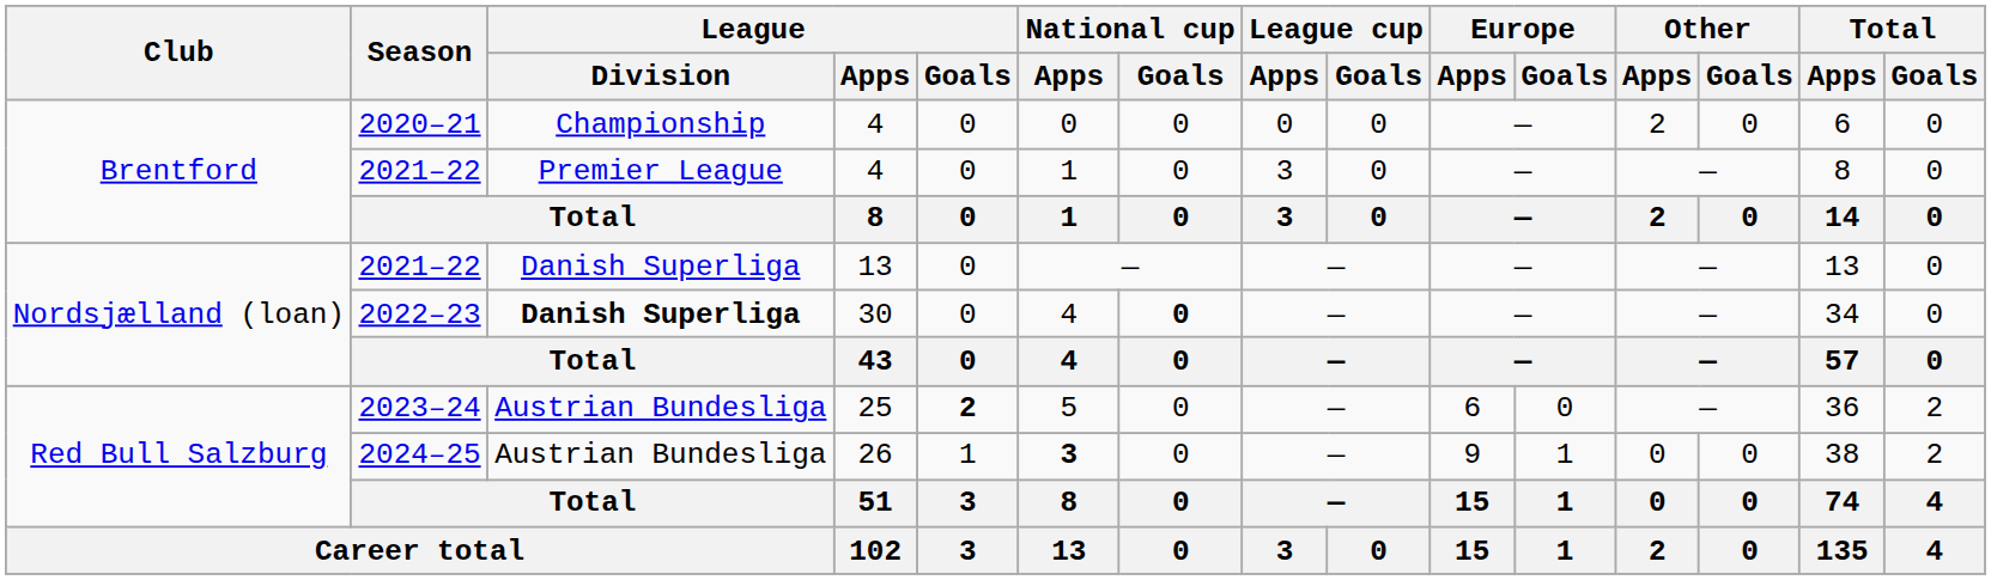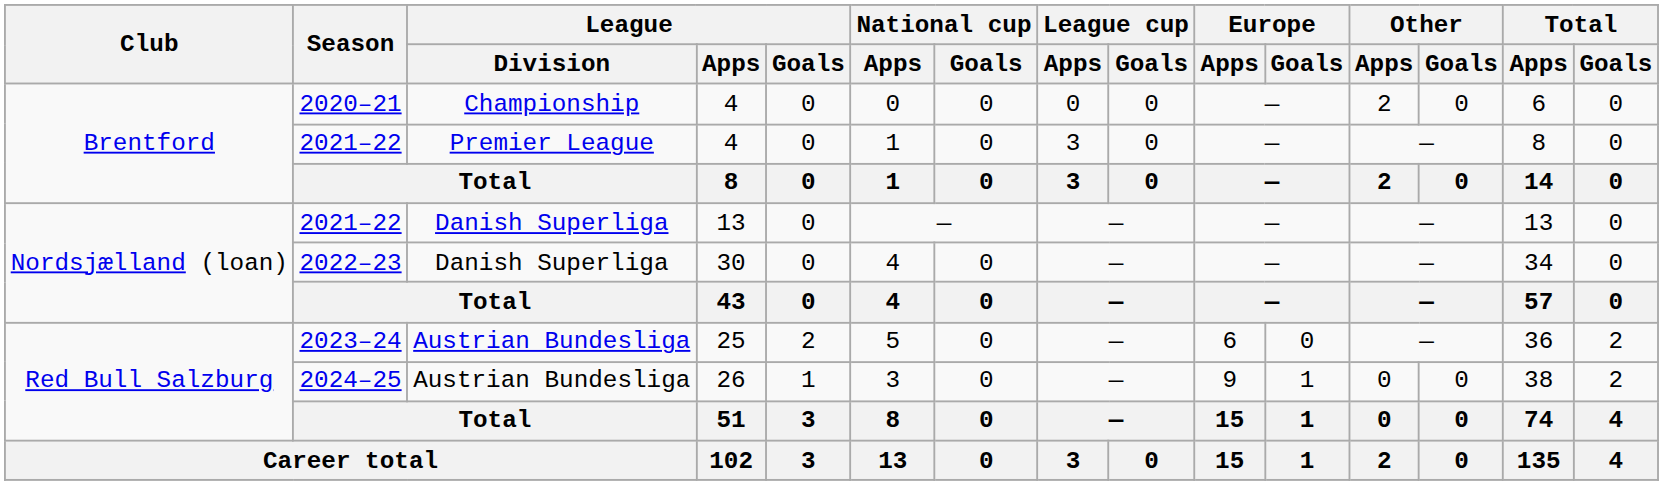 <table class="wikitable" style="text-align:center">
 <tr>
 <th rowspan="2">Club</th>
 <th rowspan="2">Season</th>
 <th colspan="3">League</th>
 <th colspan="2">National cup</th>
 <th colspan="2">League cup</th>
 <th colspan="2">Europe</th>
 <th colspan="2">Other</th>
 <th colspan="2">Total</th>
 </tr>
 <tr>
 <th>Division</th>
 <th>Apps</th>
 <th>Goals</th>
 <th>Apps</th>
 <th>Goals</th>
 <th>Apps</th>
 <th>Goals</th>
 <th>Apps</th>
 <th>Goals</th>
 <th>Apps</th>
 <th>Goals</th>
 <th>Apps</th>
 <th>Goals</th>
 </tr>
 <tr>
 <td rowspan="3"><a href='#'>Brentford</a></td>
 <td><a href='#'>2020–21</a></td>
 <td><a href='#'>Championship</a></td>
 <td>4</td>
 <td>0</td>
 <td>0</td>
 <td>0</td>
 <td>0</td>
 <td>0</td>
 <td colspan="2">―</td>
 <td>2</td>
 <td>0</td>
 <td>6</td>
 <td>0</td>
 </tr>
 <tr>
 <td><a href='#'>2021–22</a></td>
 <td><a href='#'>Premier League</a></td>
 <td>4</td>
 <td>0</td>
 <td>1</td>
 <td>0</td>
 <td>3</td>
 <td>0</td>
 <td colspan="2">―</td>
 <td colspan="2">―</td>
 <td>8</td>
 <td>0</td>
 </tr>
 <tr>
 <th colspan="2">Total</th>
 <th>8</th>
 <th>0</th>
 <th>1</th>
 <th>0</th>
 <th>3</th>
 <th>0</th>
 <th colspan="2">―</th>
 <th>2</th>
 <th>0</th>
 <th>14</th>
 <th>0</th>
 </tr>
 <tr>
 <td rowspan="3"><a href='#'>Nordsjælland</a> (loan)</td>
 <td><a href='#'>2021–22</a></td>
 <td><a href='#'>Danish Superliga</a></td>
 <td>13</td>
 <td>0</td>
 <td colspan="2">―</td>
 <td colspan="2">―</td>
 <td colspan="2">―</td>
 <td colspan="2">―</td>
 <td>13</td>
 <td>0</td>
 </tr>
 <tr>
 <td><a href='#'>2022–23</a></td>
-<td><strong>Danish Superliga</strong></td>
+<td>Danish Superliga</td>
 <td>30</td>
 <td>0</td>
 <td>4</td>
-<td><strong>0</strong></td>
+<td>0</td>
 <td colspan="2">―</td>
 <td colspan="2">―</td>
 <td colspan="2">―</td>
 <td>34</td>
 <td>0</td>
 </tr>
 <tr>
 <th colspan="2">Total</th>
 <th>43</th>
 <th>0</th>
 <th>4</th>
 <th>0</th>
 <th colspan="2">―</th>
 <th colspan="2">―</th>
 <th colspan="2">―</th>
 <th>57</th>
 <th>0</th>
 </tr>
 <tr>
 <td rowspan="3"><a href='#'>Red Bull Salzburg</a></td>
 <td><a href='#'>2023–24</a></td>
 <td><a href='#'>Austrian Bundesliga</a></td>
 <td>25</td>
-<td><strong>2</strong></td>
+<td>2</td>
 <td>5</td>
 <td>0</td>
 <td colspan="2">―</td>
 <td>6</td>
 <td>0</td>
 <td colspan="2">―</td>
 <td>36</td>
 <td>2</td>
 </tr>
 <tr>
 <td><a href='#'>2024–25</a></td>
 <td>Austrian Bundesliga</td>
 <td>26</td>
 <td>1</td>
-<td><strong>3</strong></td>
+<td>3</td>
 <td>0</td>
 <td colspan="2">―</td>
 <td>9</td>
 <td>1</td>
 <td>0</td>
 <td>0</td>
 <td>38</td>
 <td>2</td>
 </tr>
 <tr>
 <th colspan="2">Total</th>
 <th>51</th>
 <th>3</th>
 <th>8</th>
 <th>0</th>
 <th colspan="2">―</th>
 <th>15</th>
 <th>1</th>
 <th>0</th>
 <th>0</th>
 <th>74</th>
 <th>4</th>
 </tr>
 <tr>
 <th colspan="3">Career total</th>
 <th>102</th>
 <th>3</th>
 <th>13</th>
 <th>0</th>
 <th>3</th>
 <th>0</th>
 <th>15</th>
 <th>1</th>
 <th>2</th>
 <th>0</th>
 <th>135</th>
 <th>4</th>
 </tr>
 </table>
